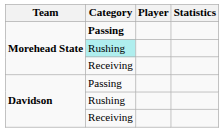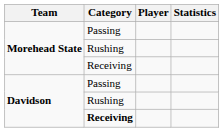 <table class="wikitable" style="float: right;">
 <tr>
 <th>Team</th>
 <th>Category</th>
 <th>Player</th>
 <th>Statistics</th>
 </tr>
 <tr>
 <td rowspan=3><strong>Morehead State</strong></td>
-<td><strong>Passing</strong></td>
+<td>Passing</td>
 <td></td>
 <td></td>
 </tr>
 <tr>
-<td style="background: paleturquoise;">Rushing</td>
+<td>Rushing</td>
 <td></td>
 <td></td>
 </tr>
 <tr>
 <td>Receiving</td>
 <td></td>
 <td></td>
 </tr>
 <tr>
 <td rowspan=3><strong>Davidson</strong></td>
 <td>Passing</td>
 <td></td>
 <td></td>
 </tr>
 <tr>
 <td>Rushing</td>
 <td></td>
 <td></td>
 </tr>
 <tr>
-<td>Receiving</td>
+<td><strong>Receiving</strong></td>
 <td></td>
 <td></td>
 </tr>
 </table>
